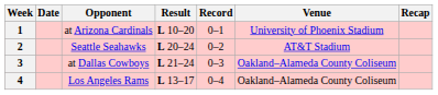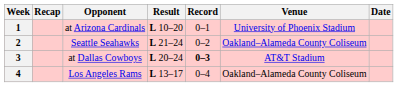 <table class="wikitable" style="text-align:center">
 <tr>
 <th>Week</th>
-<th>Date</th>
+<th>Recap</th>
 <th>Opponent</th>
 <th>Result</th>
 <th>Record</th>
 <th>Venue</th>
-<th>Recap</th>
+<th>Date</th>
 </tr>
 <tr style="background:#fcc">
 <th>1</th>
 <td></td>
 <td>at <a href='#'>Arizona Cardinals</a></td>
 <td><strong>L</strong> 10–20</td>
 <td>0–1</td>
 <td><a href='#'>University of Phoenix Stadium</a></td>
 <td></td>
 </tr>
 <tr style="background:#fcc">
 <th>2</th>
 <td></td>
 <td><a href='#'>Seattle Seahawks</a></td>
-<td><strong>L</strong> 20–24</td>
+<td><strong>L</strong> 21–24</td>
 <td>0–2</td>
-<td><a href='#'>AT&T Stadium</a></td>
+<td><a href='#'>Oakland–Alameda County Coliseum</a></td>
 <td></td>
 </tr>
 <tr style="background:#fcc">
 <th>3</th>
 <td></td>
 <td>at <a href='#'>Dallas Cowboys</a></td>
-<td><strong>L</strong> 21–24</td>
-<td>0–3</td>
-<td><a href='#'>Oakland–Alameda County Coliseum</a></td>
+<td><strong>L</strong> 20–24</td>
+<td><strong>0–3</strong></td>
+<td><a href='#'>AT&T Stadium</a></td>
 <td></td>
 </tr>
 <tr style="background:#fcc">
 <th>4</th>
 <td></td>
 <td><a href='#'>Los Angeles Rams</a></td>
 <td><strong>L</strong> 13–17</td>
 <td>0–4</td>
 <td>Oakland–Alameda County Coliseum</td>
 <td></td>
 </tr>
 </table>
